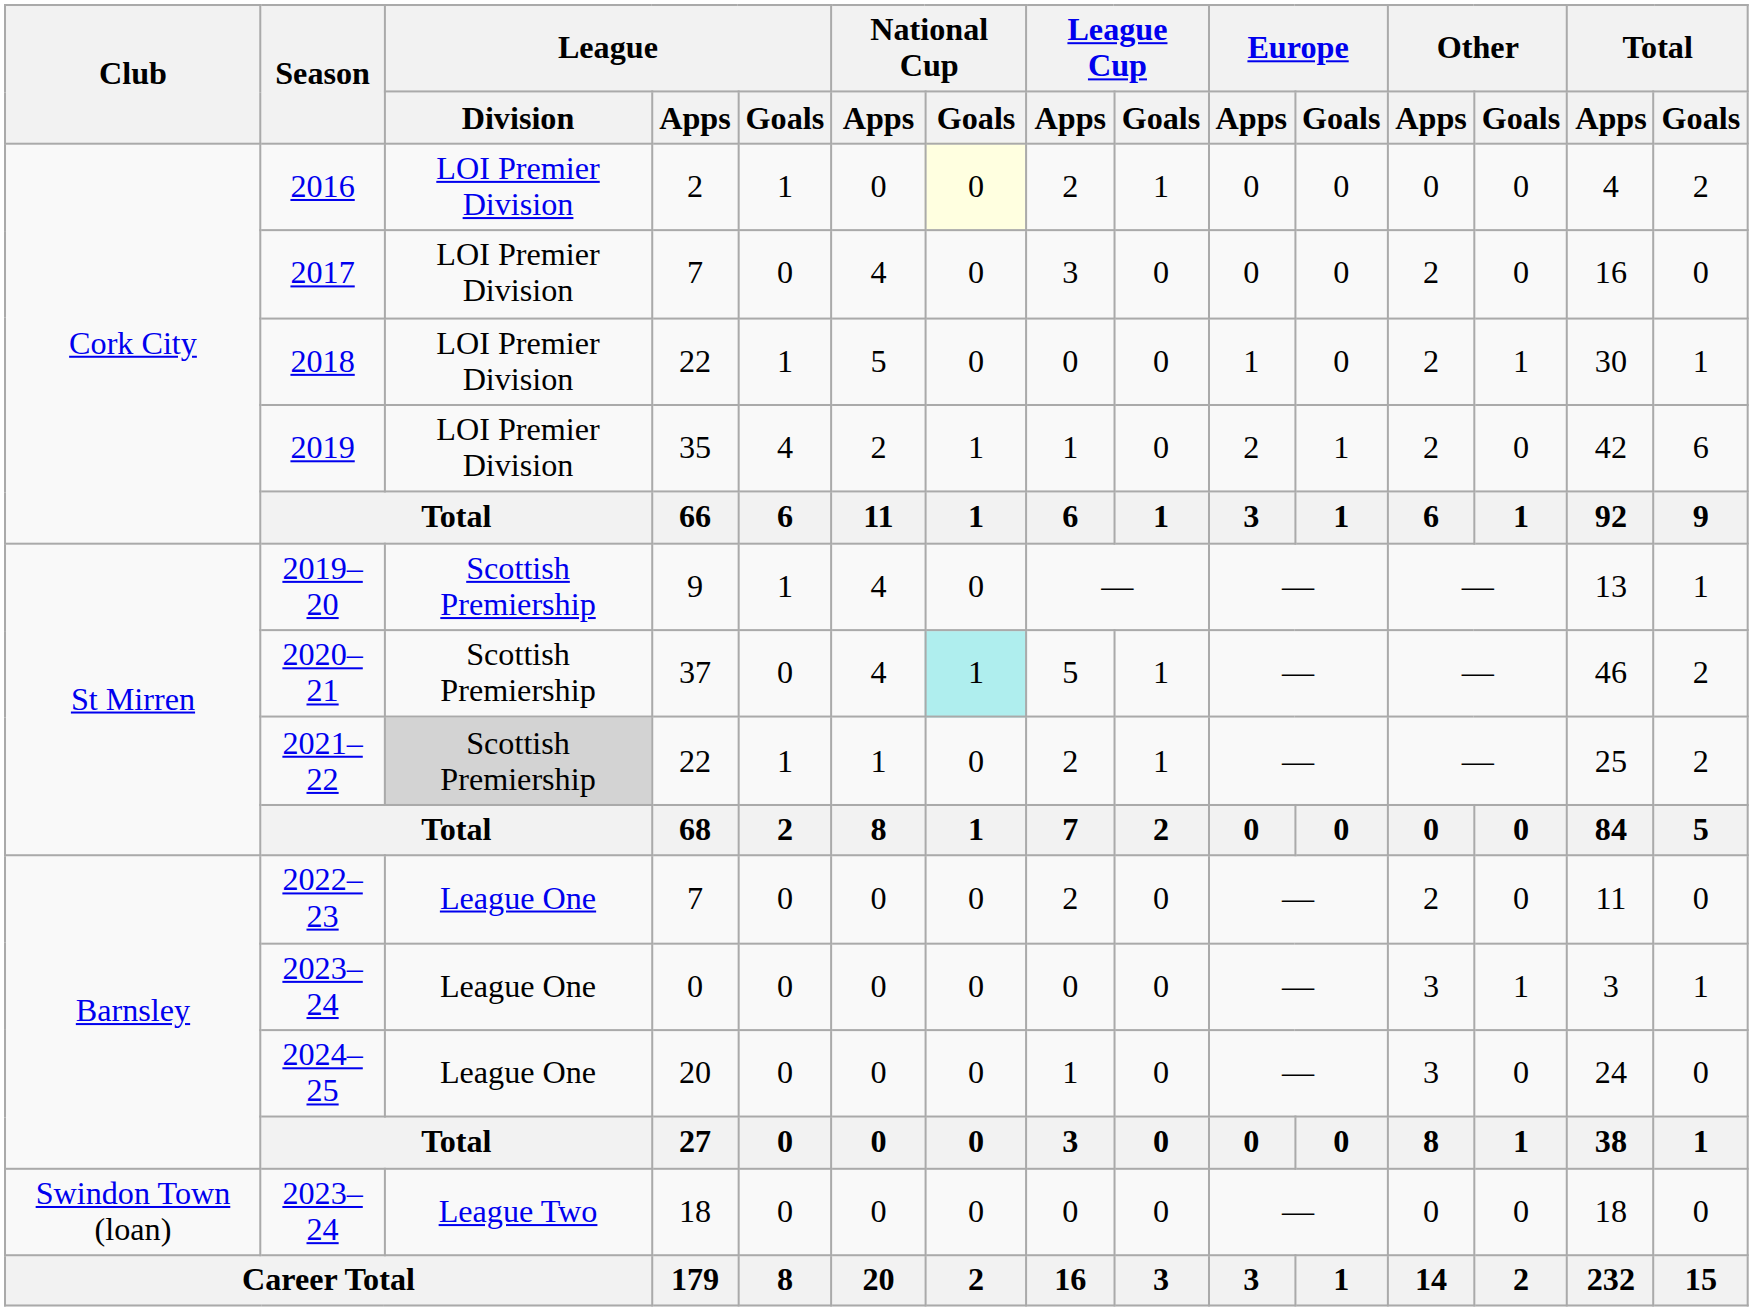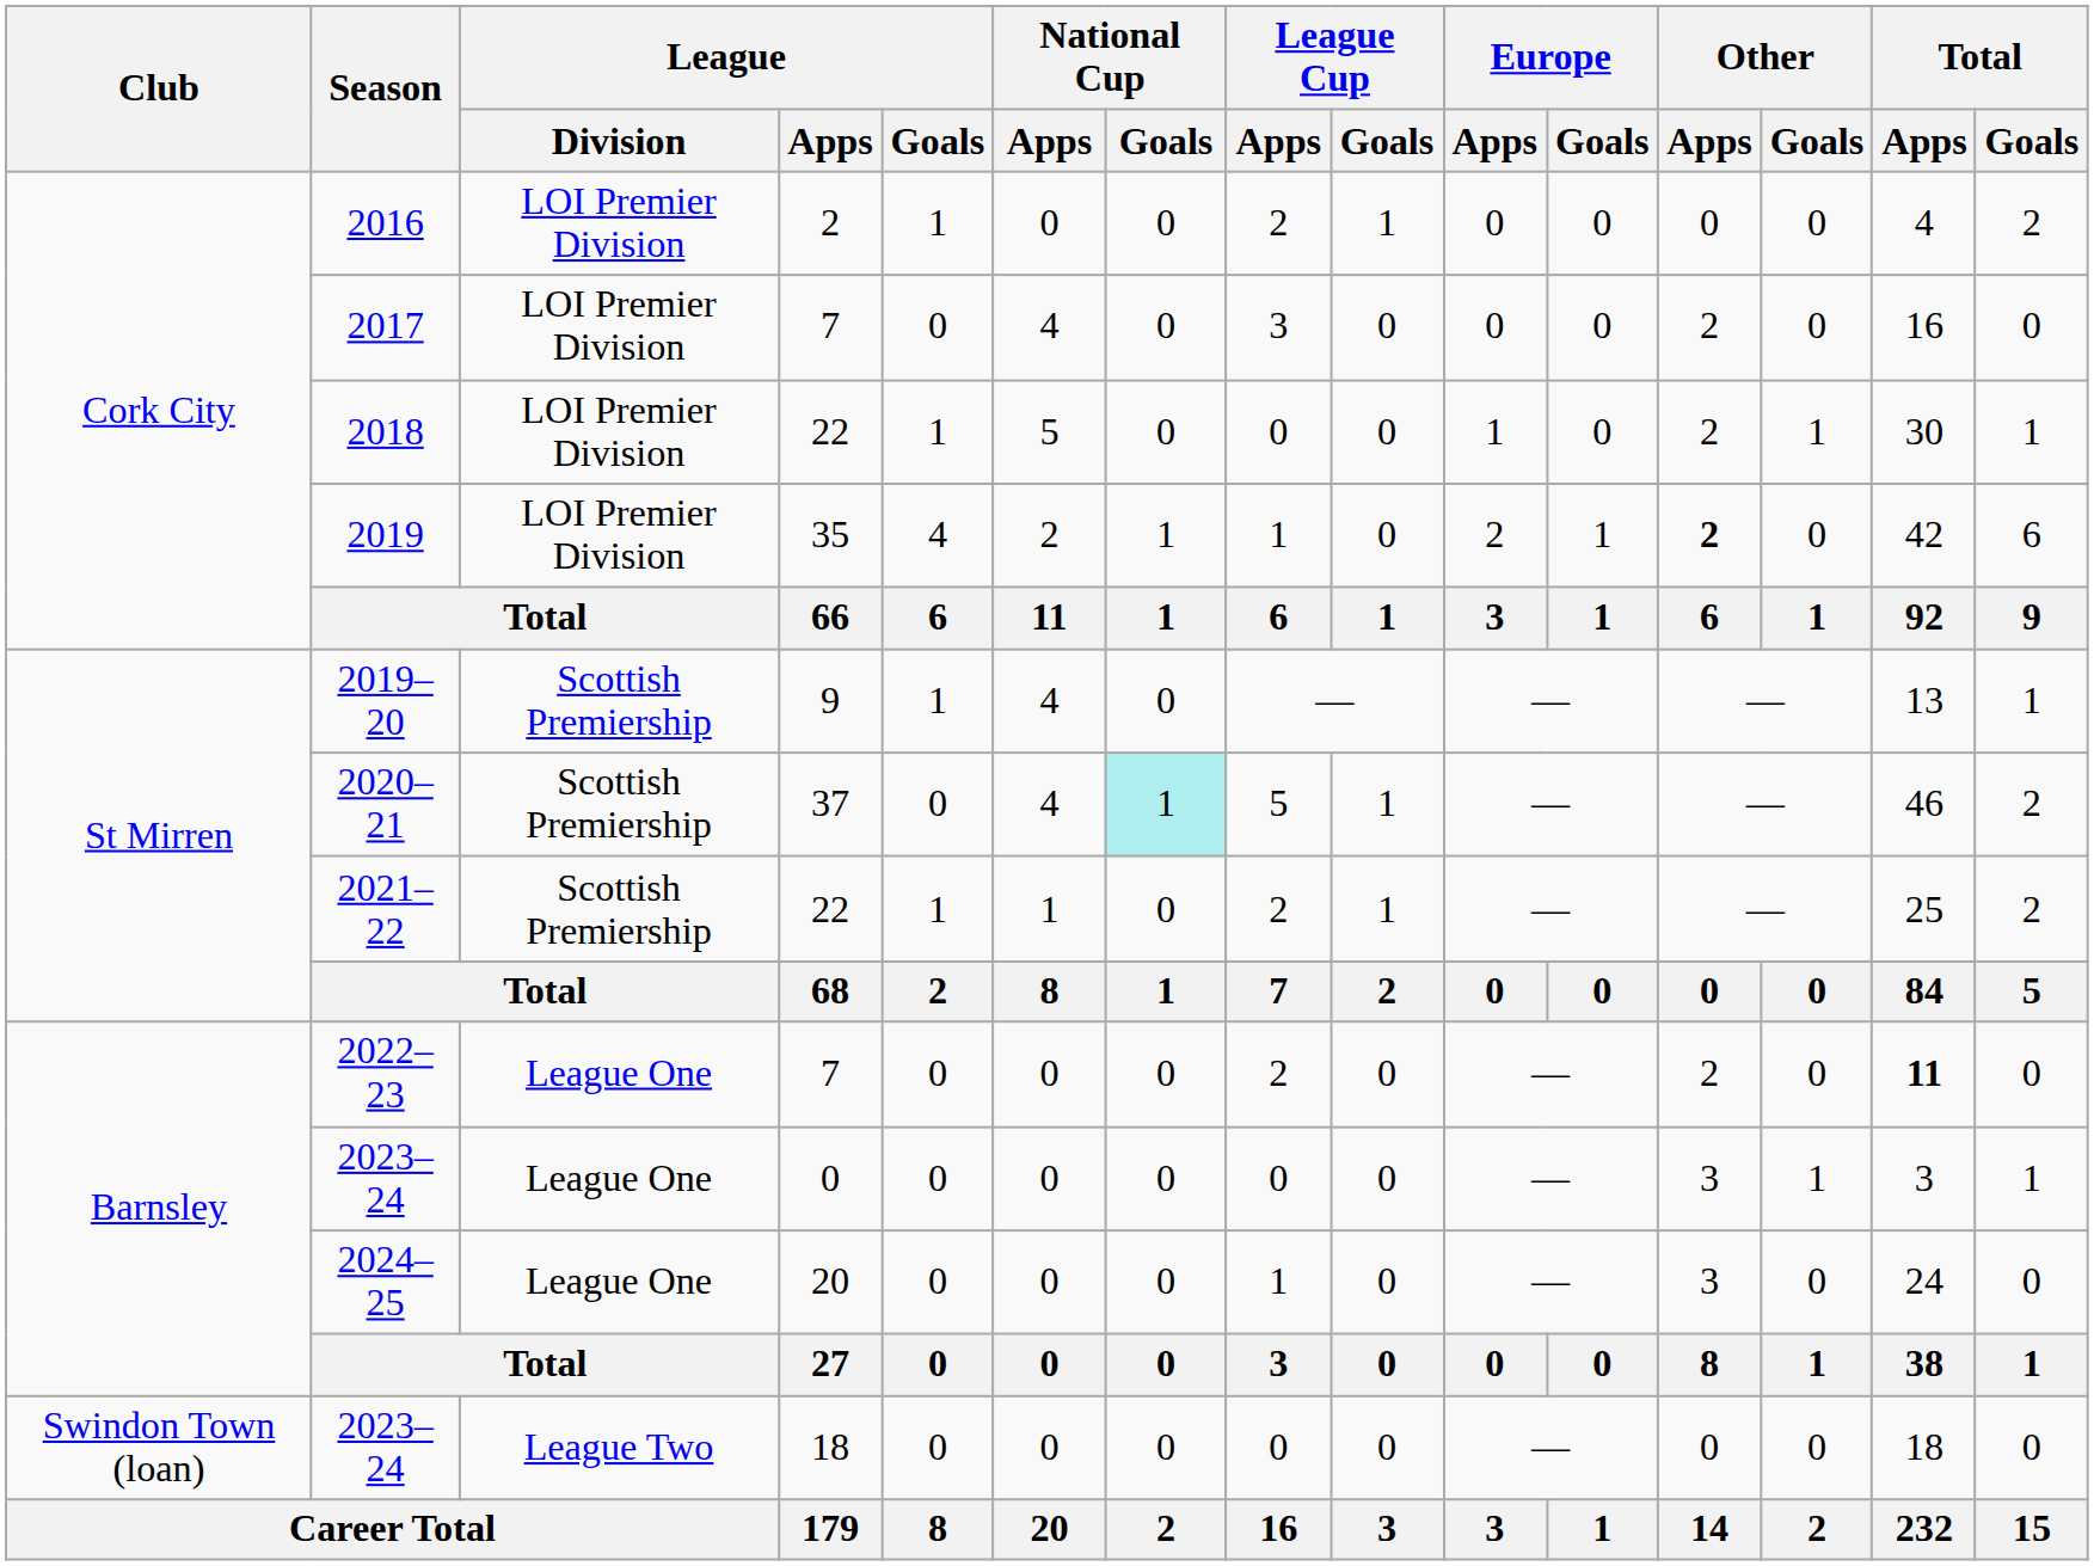 <table class="wikitable" style="text-align:center">
 <tr>
 <th rowspan="2">Club</th>
 <th rowspan="2">Season</th>
 <th colspan="3">League</th>
 <th colspan="2">National Cup</th>
 <th colspan="2"><a href='#'>League Cup</a></th>
 <th colspan="2"><a href='#'>Europe</a></th>
 <th colspan="2">Other</th>
 <th colspan="2">Total</th>
 </tr>
 <tr>
 <th>Division</th>
 <th>Apps</th>
 <th>Goals</th>
 <th>Apps</th>
 <th>Goals</th>
 <th>Apps</th>
 <th>Goals</th>
 <th>Apps</th>
 <th>Goals</th>
 <th>Apps</th>
 <th>Goals</th>
 <th>Apps</th>
 <th>Goals</th>
 </tr>
 <tr>
 <td rowspan=5><a href='#'>Cork City</a></td>
 <td><a href='#'>2016</a></td>
 <td><a href='#'>LOI Premier Division</a></td>
 <td>2</td>
 <td>1</td>
 <td>0</td>
-<td style="background: lightyellow;">0</td>
+<td>0</td>
 <td>2</td>
 <td>1</td>
 <td>0</td>
 <td>0</td>
 <td>0</td>
 <td>0</td>
 <td>4</td>
 <td>2</td>
 </tr>
 <tr>
 <td><a href='#'>2017</a></td>
 <td>LOI Premier Division</td>
 <td>7</td>
 <td>0</td>
 <td>4</td>
 <td>0</td>
 <td>3</td>
 <td>0</td>
 <td>0</td>
 <td>0</td>
 <td>2</td>
 <td>0</td>
 <td>16</td>
 <td>0</td>
 </tr>
 <tr>
 <td><a href='#'>2018</a></td>
 <td>LOI Premier Division</td>
 <td>22</td>
 <td>1</td>
 <td>5</td>
 <td>0</td>
 <td>0</td>
 <td>0</td>
 <td>1</td>
 <td>0</td>
 <td>2</td>
 <td>1</td>
 <td>30</td>
 <td>1</td>
 </tr>
 <tr>
 <td><a href='#'>2019</a></td>
 <td>LOI Premier Division</td>
 <td>35</td>
 <td>4</td>
 <td>2</td>
 <td>1</td>
 <td>1</td>
 <td>0</td>
 <td>2</td>
 <td>1</td>
-<td>2</td>
+<td><strong>2</strong></td>
 <td>0</td>
 <td>42</td>
 <td>6</td>
 </tr>
 <tr>
 <th colspan="2">Total</th>
 <th>66</th>
 <th>6</th>
 <th>11</th>
 <th>1</th>
 <th>6</th>
 <th>1</th>
 <th>3</th>
 <th>1</th>
 <th>6</th>
 <th>1</th>
 <th>92</th>
 <th>9</th>
 </tr>
 <tr>
 <td rowspan=4><a href='#'>St Mirren</a></td>
 <td><a href='#'>2019–20</a></td>
 <td><a href='#'>Scottish Premiership</a></td>
 <td>9</td>
 <td>1</td>
 <td>4</td>
 <td>0</td>
 <td colspan="2">—</td>
 <td colspan="2">—</td>
 <td colspan="2">—</td>
 <td>13</td>
 <td>1</td>
 </tr>
 <tr>
 <td><a href='#'>2020–21</a></td>
 <td>Scottish Premiership</td>
 <td>37</td>
 <td>0</td>
 <td>4</td>
 <td style="background: paleturquoise;">1</td>
 <td>5</td>
 <td>1</td>
 <td colspan="2">—</td>
 <td colspan="2">—</td>
 <td>46</td>
 <td>2</td>
 </tr>
 <tr>
 <td><a href='#'>2021–22</a></td>
-<td style="background: lightgrey;">Scottish Premiership</td>
+<td>Scottish Premiership</td>
 <td>22</td>
 <td>1</td>
 <td>1</td>
 <td>0</td>
 <td>2</td>
 <td>1</td>
 <td colspan="2">—</td>
 <td colspan="2">—</td>
 <td>25</td>
 <td>2</td>
 </tr>
 <tr>
 <th colspan="2">Total</th>
 <th>68</th>
 <th>2</th>
 <th>8</th>
 <th>1</th>
 <th>7</th>
 <th>2</th>
 <th>0</th>
 <th>0</th>
 <th>0</th>
 <th>0</th>
 <th>84</th>
 <th>5</th>
 </tr>
 <tr>
 <td rowspan=4><a href='#'>Barnsley</a></td>
 <td><a href='#'>2022–23</a></td>
 <td><a href='#'>League One</a></td>
 <td>7</td>
 <td>0</td>
 <td>0</td>
 <td>0</td>
 <td>2</td>
 <td>0</td>
 <td colspan="2">—</td>
 <td>2</td>
 <td>0</td>
-<td>11</td>
+<td><strong>11</strong></td>
 <td>0</td>
 </tr>
 <tr>
 <td><a href='#'>2023–24</a></td>
 <td>League One</td>
 <td>0</td>
 <td>0</td>
 <td>0</td>
 <td>0</td>
 <td>0</td>
 <td>0</td>
 <td colspan="2">—</td>
 <td>3</td>
 <td>1</td>
 <td>3</td>
 <td>1</td>
 </tr>
 <tr>
 <td><a href='#'>2024–25</a></td>
 <td>League One</td>
 <td>20</td>
 <td>0</td>
 <td>0</td>
 <td>0</td>
 <td>1</td>
 <td>0</td>
 <td colspan="2">—</td>
 <td>3</td>
 <td>0</td>
 <td>24</td>
 <td>0</td>
 </tr>
 <tr>
 <th colspan="2">Total</th>
 <th>27</th>
 <th>0</th>
 <th>0</th>
 <th>0</th>
 <th>3</th>
 <th>0</th>
 <th>0</th>
 <th>0</th>
 <th>8</th>
 <th>1</th>
 <th>38</th>
 <th>1</th>
 </tr>
 <tr>
 <td><a href='#'>Swindon Town</a> (loan)</td>
 <td><a href='#'>2023–24</a></td>
 <td><a href='#'>League Two</a></td>
 <td>18</td>
 <td>0</td>
 <td>0</td>
 <td>0</td>
 <td>0</td>
 <td>0</td>
 <td colspan="2">—</td>
 <td>0</td>
 <td>0</td>
 <td>18</td>
 <td>0</td>
 </tr>
 <tr>
 <th colspan="3">Career Total</th>
 <th>179</th>
 <th>8</th>
 <th>20</th>
 <th>2</th>
 <th>16</th>
 <th>3</th>
 <th>3</th>
 <th>1</th>
 <th>14</th>
 <th>2</th>
 <th>232</th>
 <th>15</th>
 </tr>
 </table>
